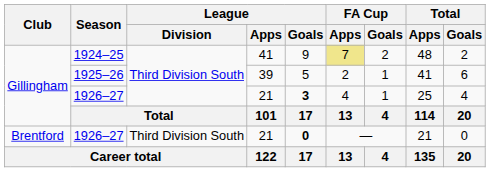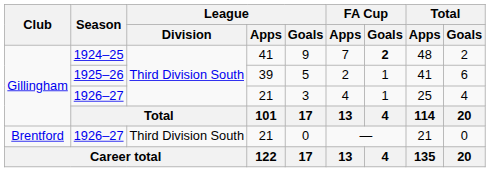 <table class="wikitable" style="text-align: center;">
 <tr>
 <th rowspan="2">Club</th>
 <th rowspan="2">Season</th>
 <th colspan="3">League</th>
 <th colspan="2">FA Cup</th>
 <th colspan="2">Total</th>
 </tr>
 <tr>
 <th>Division</th>
 <th>Apps</th>
 <th>Goals</th>
 <th>Apps</th>
 <th>Goals</th>
 <th>Apps</th>
 <th>Goals</th>
 </tr>
 <tr>
 <td rowspan="4"><a href='#'>Gillingham</a></td>
 <td><a href='#'>1924–25</a></td>
 <td rowspan="3"><a href='#'>Third Division South</a></td>
 <td>41</td>
 <td>9</td>
-<td style="background: khaki;">7</td>
-<td>2</td>
+<td>7</td>
+<td><strong>2</strong></td>
 <td>48</td>
 <td>2</td>
 </tr>
 <tr>
 <td><a href='#'>1925–26</a></td>
 <td>39</td>
 <td>5</td>
 <td>2</td>
 <td>1</td>
 <td>41</td>
 <td>6</td>
 </tr>
 <tr>
 <td><a href='#'>1926–27</a></td>
 <td>21</td>
-<td><strong>3</strong></td>
+<td>3</td>
 <td>4</td>
 <td>1</td>
 <td>25</td>
 <td>4</td>
 </tr>
 <tr>
 <th colspan="2">Total</th>
 <th>101</th>
 <th>17</th>
 <th>13</th>
 <th>4</th>
 <th>114</th>
 <th>20</th>
 </tr>
 <tr>
 <td><a href='#'>Brentford</a></td>
 <td><a href='#'>1926–27</a></td>
 <td>Third Division South</td>
 <td>21</td>
-<td><strong>0</strong></td>
+<td>0</td>
 <td colspan="2"><em>—</em></td>
 <td>21</td>
 <td>0</td>
 </tr>
 <tr>
 <th colspan="3">Career total</th>
 <th>122</th>
 <th>17</th>
 <th>13</th>
 <th>4</th>
 <th>135</th>
 <th>20</th>
 </tr>
 </table>
